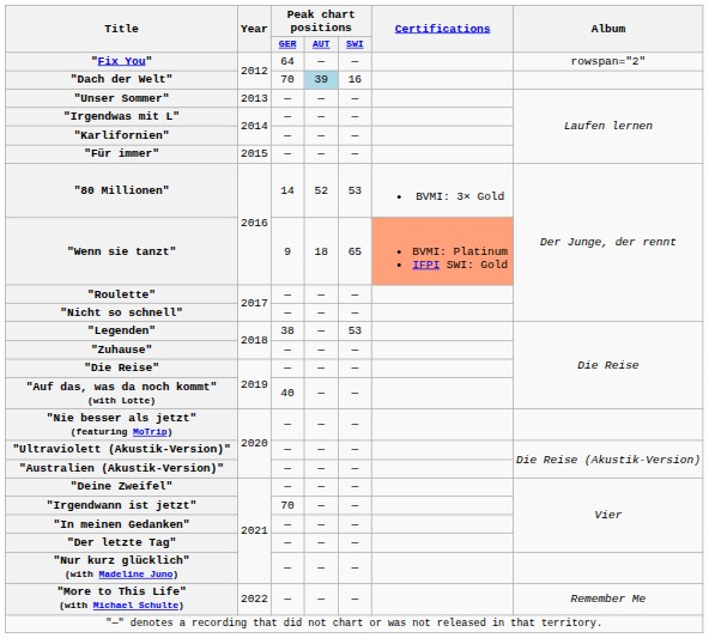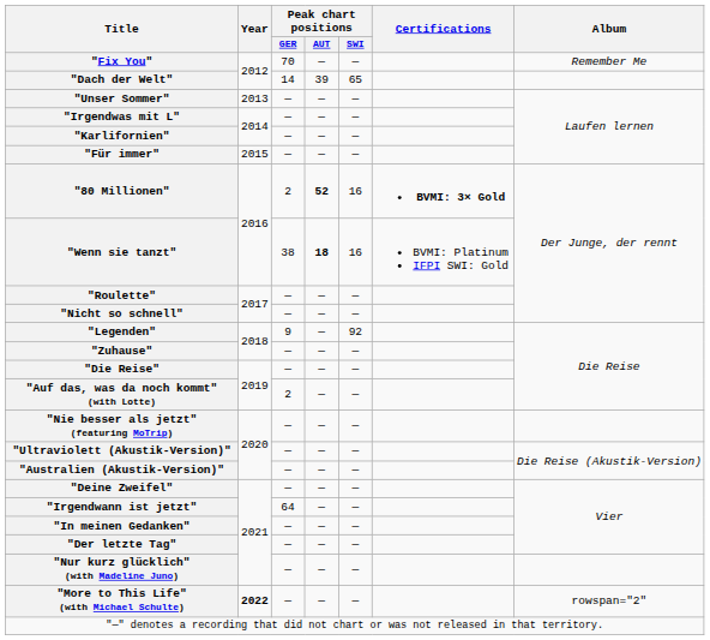 <table class="wikitable plainrowheaders" style="text-align:center;">
 <tr>
 <th scope="col" rowspan="2" style="width:20em;">Title</th>
 <th scope="col" rowspan="2">Year</th>
 <th scope="col" colspan="3">Peak chart positions</th>
 <th scope="col" rowspan="2" style="width:12em;"><a href='#'>Certifications</a></th>
 <th scope="col" rowspan="2">Album</th>
 </tr>
 <tr>
 <th style="width:3em;font-size:85%"><a href='#'>GER</a><br></th>
 <th style="width:3em;font-size:85%"><a href='#'>AUT</a><br></th>
 <th style="width:3em;font-size:85%"><a href='#'>SWI</a><br></th>
 </tr>
 <tr>
 <th scope="row">"<a href='#'>Fix You</a>"</th>
 <td rowspan="2">2012</td>
-<td>64</td>
+<td>70</td>
 <td>—</td>
 <td>—</td>
 <td></td>
-<td>rowspan="2" </td>
+<td><em>Remember Me</em></td>
 </tr>
 <tr>
 <th scope="row">"Dach der Welt"</th>
-<td>70</td>
-<td style="background: lightblue;">39</td>
-<td>16</td>
+<td>14</td>
+<td>39</td>
+<td>65</td>
 <td></td>
 </tr>
 <tr>
 <th scope="row">"Unser Sommer"</th>
 <td>2013</td>
 <td>—</td>
 <td>—</td>
 <td>—</td>
 <td></td>
 <td rowspan="4"><em>Laufen lernen</em></td>
 </tr>
 <tr>
 <th scope="row">"Irgendwas mit L"</th>
 <td rowspan="2">2014</td>
 <td>—</td>
 <td>—</td>
 <td>—</td>
 <td></td>
 </tr>
 <tr>
 <th scope="row">"Karlifornien"</th>
 <td>—</td>
 <td>—</td>
 <td>—</td>
 <td></td>
 </tr>
 <tr>
 <th scope="row">"Für immer"</th>
 <td>2015</td>
 <td>—</td>
 <td>—</td>
 <td>—</td>
 <td></td>
 </tr>
 <tr>
 <th scope="row">"80 Millionen"</th>
 <td rowspan="2">2016</td>
-<td>14</td>
-<td>52</td>
-<td>53</td>
-<td><br><ul><li>BVMI: 3× Gold</li></ul></td>
+<td>2</td>
+<td><strong>52</strong></td>
+<td>16</td>
+<td><strong><br><ul><li>BVMI: 3× Gold</li></ul></strong></td>
 <td rowspan="4"><em>Der Junge, der rennt</em></td>
 </tr>
 <tr>
 <th scope="row">"Wenn sie tanzt"</th>
-<td>9</td>
-<td>18</td>
-<td>65</td>
-<td style="background: lightsalmon;"><br><ul><li>BVMI: Platinum</li><li><a href='#'>IFPI</a> SWI: Gold</li></ul></td>
+<td>38</td>
+<td><strong>18</strong></td>
+<td>16</td>
+<td><br><ul><li>BVMI: Platinum</li><li><a href='#'>IFPI</a> SWI: Gold</li></ul></td>
 </tr>
 <tr>
 <th scope="row">"Roulette"</th>
 <td rowspan="2">2017</td>
 <td>—</td>
 <td>—</td>
 <td>—</td>
 <td></td>
 </tr>
 <tr>
 <th scope="row">"Nicht so schnell"</th>
 <td>—</td>
 <td>—</td>
 <td>—</td>
 <td></td>
 </tr>
 <tr>
 <th scope="row">"Legenden"</th>
 <td rowspan="2">2018</td>
-<td>38</td>
+<td>9</td>
 <td>—</td>
-<td>53</td>
+<td>92</td>
 <td></td>
 <td rowspan="4"><em>Die Reise</em></td>
 </tr>
 <tr>
 <th scope="row">"Zuhause"</th>
 <td>—</td>
 <td>—</td>
 <td>—</td>
 <td></td>
 </tr>
 <tr>
 <th scope="row">"Die Reise"</th>
 <td rowspan="2">2019</td>
 <td>—</td>
 <td>—</td>
 <td>—</td>
 <td></td>
 </tr>
 <tr>
 <th scope="row">"Auf das, was da noch kommt"<br><small>(with Lotte)</small></th>
-<td>40</td>
+<td>2</td>
 <td>—</td>
 <td>—</td>
 <td></td>
 </tr>
 <tr>
 <th scope="row">"Nie besser als jetzt"<br><small>(featuring <a href='#'>MoTrip</a>)</small></th>
 <td rowspan="3">2020</td>
 <td>—</td>
 <td>—</td>
 <td>—</td>
 <td></td>
 <td></td>
 </tr>
 <tr>
 <th scope="row">"Ultraviolett (Akustik-Version)"</th>
 <td>—</td>
 <td>—</td>
 <td>—</td>
 <td></td>
 <td rowspan="2"><em>Die Reise (Akustik-Version)</em></td>
 </tr>
 <tr>
 <th scope="row">"Australien (Akustik-Version)"</th>
 <td>—</td>
 <td>—</td>
 <td>—</td>
 <td></td>
 </tr>
 <tr>
 <th scope="row">"Deine Zweifel"</th>
 <td rowspan="5">2021</td>
 <td>—</td>
 <td>—</td>
 <td>—</td>
 <td></td>
 <td rowspan="4"><em>Vier</em></td>
 </tr>
 <tr>
 <th scope="row">"Irgendwann ist jetzt"</th>
-<td>70</td>
+<td>64</td>
 <td>—</td>
 <td>—</td>
 <td></td>
 </tr>
 <tr>
 <th scope="row">"In meinen Gedanken"</th>
 <td>—</td>
 <td>—</td>
 <td>—</td>
 <td></td>
 </tr>
 <tr>
 <th scope="row">"Der letzte Tag"</th>
 <td>—</td>
 <td>—</td>
 <td>—</td>
 <td></td>
 </tr>
 <tr>
 <th scope="row">"Nur kurz glücklich"<br><small>(with <a href='#'>Madeline Juno</a>)</small></th>
 <td>—</td>
 <td>—</td>
 <td>—</td>
 <td></td>
 <td></td>
 </tr>
 <tr>
 <th scope="row">"More to This Life"<br><small>(with <a href='#'>Michael Schulte</a>)</small></th>
-<td>2022</td>
+<td><strong>2022</strong></td>
 <td>—</td>
 <td>—</td>
 <td>—</td>
 <td></td>
-<td><em>Remember Me</em></td>
+<td>rowspan="2" </td>
 </tr>
 <tr>
 <td colspan="8" style="font-size:90%">"—" denotes a recording that did not chart or was not released in that territory.</td>
 </tr>
 </table>
